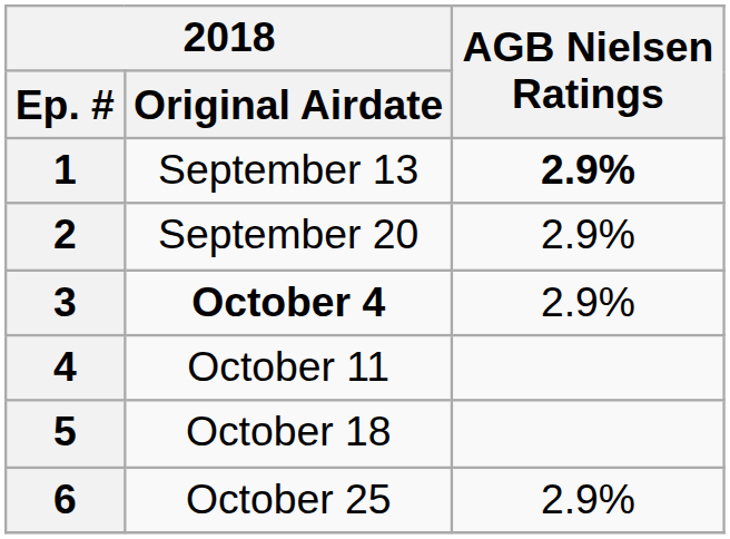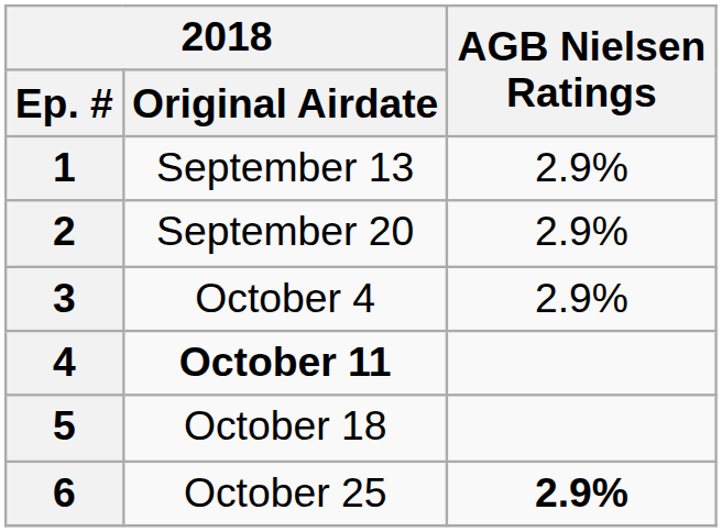 <table class=wikitable style=text-align:center>
 <tr>
 <th colspan=2>2018</th>
 <th rowspan=2>AGB Nielsen<br>Ratings</th>
 </tr>
 <tr>
 <th>Ep. #</th>
 <th>Original Airdate</th>
 </tr>
 <tr>
 <th>1</th>
 <td>September 13</td>
-<td><strong>2.9%</strong></td>
+<td>2.9%</td>
 </tr>
 <tr>
 <th>2</th>
 <td>September 20</td>
 <td>2.9%</td>
 </tr>
 <tr>
 <th>3</th>
-<td><strong>October 4</strong></td>
+<td>October 4</td>
 <td>2.9%</td>
 </tr>
 <tr>
 <th>4</th>
-<td>October 11</td>
+<td><strong>October 11</strong></td>
 <td></td>
 </tr>
 <tr>
 <th>5</th>
 <td>October 18</td>
 <td></td>
 </tr>
 <tr>
 <th>6</th>
 <td>October 25</td>
-<td>2.9%</td>
+<td><strong>2.9%</strong></td>
 </tr>
 <tr>
 </tr>
 </table>
